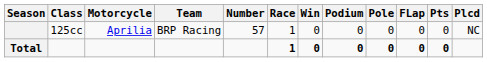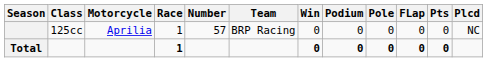 <table class="wikitable">
 <tr>
 <th>Season</th>
 <th>Class</th>
 <th>Motorcycle</th>
+<th>Race</th>
+<th>Number</th>
 <th>Team</th>
-<th>Number</th>
-<th>Race</th>
 <th>Win</th>
 <th>Podium</th>
 <th>Pole</th>
 <th>FLap</th>
 <th>Pts</th>
 <th>Plcd</th>
 </tr>
 <tr align="right">
 <th></th>
 <td>125cc</td>
 <td><a href='#'>Aprilia</a></td>
+<td>1</td>
+<td>57</td>
 <td>BRP Racing</td>
-<td>57</td>
-<td>1</td>
 <td>0</td>
 <td>0</td>
 <td>0</td>
 <td>0</td>
 <td>0</td>
 <td>NC</td>
 </tr>
 <tr align="right">
 <th>Total</th>
 <td></td>
 <td></td>
+<td><strong>1</strong></td>
 <td></td>
 <td></td>
-<td><strong>1</strong></td>
 <td><strong>0</strong></td>
 <td><strong>0</strong></td>
 <td><strong>0</strong></td>
 <td><strong>0</strong></td>
 <td><strong>0</strong></td>
 <td></td>
 </tr>
 </table>
